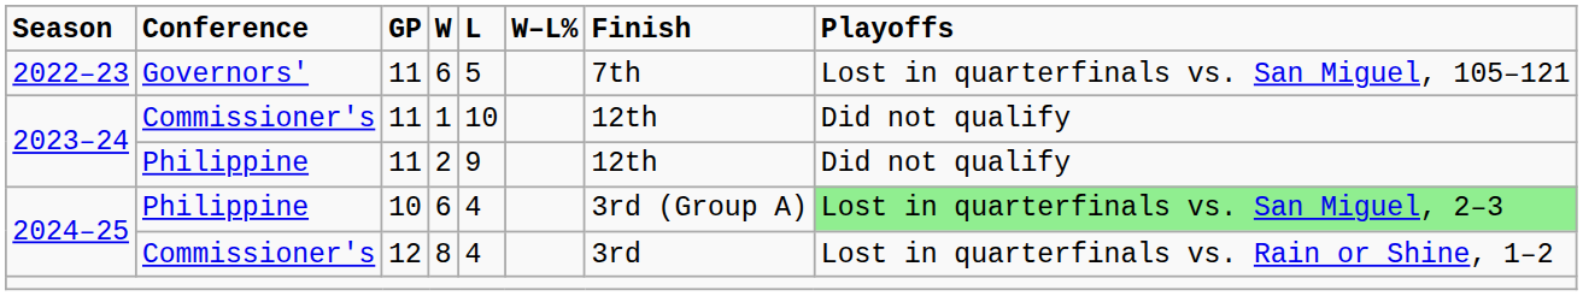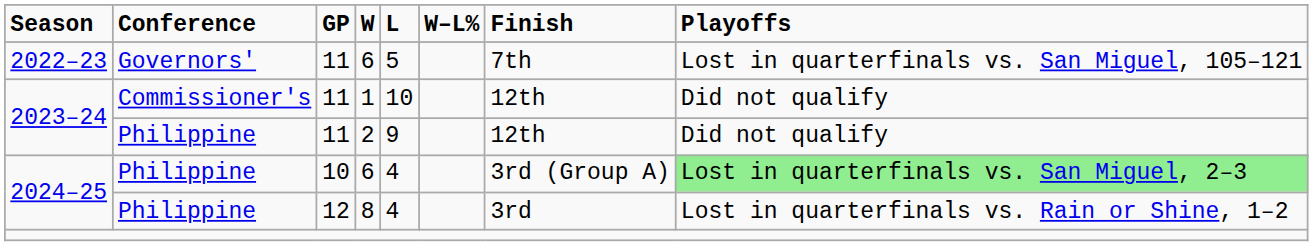 <table class="wikitable">
 <tr style="font-weight:bold; ">
 <td>Season</td>
 <td>Conference</td>
 <td>GP</td>
 <td>W</td>
 <td>L</td>
 <td>W–L%</td>
 <td>Finish</td>
 <td>Playoffs</td>
 </tr>
 <tr>
 <td><a href='#'>2022–23</a></td>
 <td><a href='#'>Governors'</a></td>
 <td>11</td>
 <td>6</td>
 <td>5</td>
 <td></td>
 <td>7th</td>
 <td>Lost in quarterfinals vs. <a href='#'>San Miguel</a>, 105–121</td>
 </tr>
 <tr>
 <td rowspan=2><a href='#'>2023–24</a></td>
 <td><a href='#'>Commissioner's</a></td>
 <td>11</td>
 <td>1</td>
 <td>10</td>
 <td></td>
 <td>12th</td>
 <td>Did not qualify</td>
 </tr>
 <tr>
 <td><a href='#'>Philippine</a></td>
 <td>11</td>
 <td>2</td>
 <td>9</td>
 <td></td>
 <td>12th</td>
 <td>Did not qualify</td>
 </tr>
 <tr>
 <td rowspan=2><a href='#'>2024–25</a></td>
 <td><a href='#'>Philippine</a></td>
 <td>10</td>
 <td>6</td>
 <td>4</td>
 <td></td>
 <td>3rd (Group A)</td>
 <td style="background: lightgreen;">Lost in quarterfinals vs. <a href='#'>San Miguel</a>, 2–3</td>
 </tr>
 <tr>
-<td><a href='#'>Commissioner's</a></td>
+<td><a href='#'>Philippine</a></td>
 <td>12</td>
 <td>8</td>
 <td>4</td>
 <td></td>
 <td>3rd</td>
 <td>Lost in quarterfinals vs. <a href='#'>Rain or Shine</a>, 1–2</td>
 </tr>
 <tr>
 <td colspan=8 align=center></td>
 </tr>
 </table>
